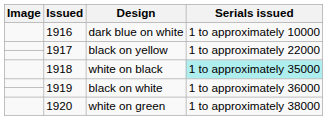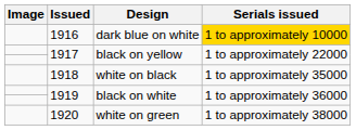 <table class=wikitable>
 <tr>
 <th>Image</th>
 <th>Issued</th>
 <th>Design</th>
 <th>Serials issued</th>
 </tr>
 <tr>
 <td></td>
 <td>1916</td>
 <td>dark blue on white</td>
-<td>1 to approximately 10000</td>
+<td style="background: gold;">1 to approximately 10000</td>
 </tr>
 <tr>
 <td></td>
 <td rowspan="2">1917</td>
 <td rowspan="2">black on yellow</td>
 <td rowspan="2">1 to approximately 22000</td>
 </tr>
 <tr>
 <td></td>
 </tr>
 <tr>
 <td></td>
 <td>1918</td>
 <td>white on black</td>
-<td style="background: paleturquoise;">1 to approximately 35000</td>
+<td>1 to approximately 35000</td>
 </tr>
 <tr>
 <td></td>
 <td rowspan="2">1919</td>
 <td rowspan="2">black on white</td>
 <td rowspan="2">1 to approximately 36000</td>
 </tr>
 <tr>
 <td></td>
 </tr>
 <tr>
 <td></td>
 <td>1920</td>
 <td>white on green</td>
 <td>1 to approximately 38000</td>
 </tr>
 </table>
